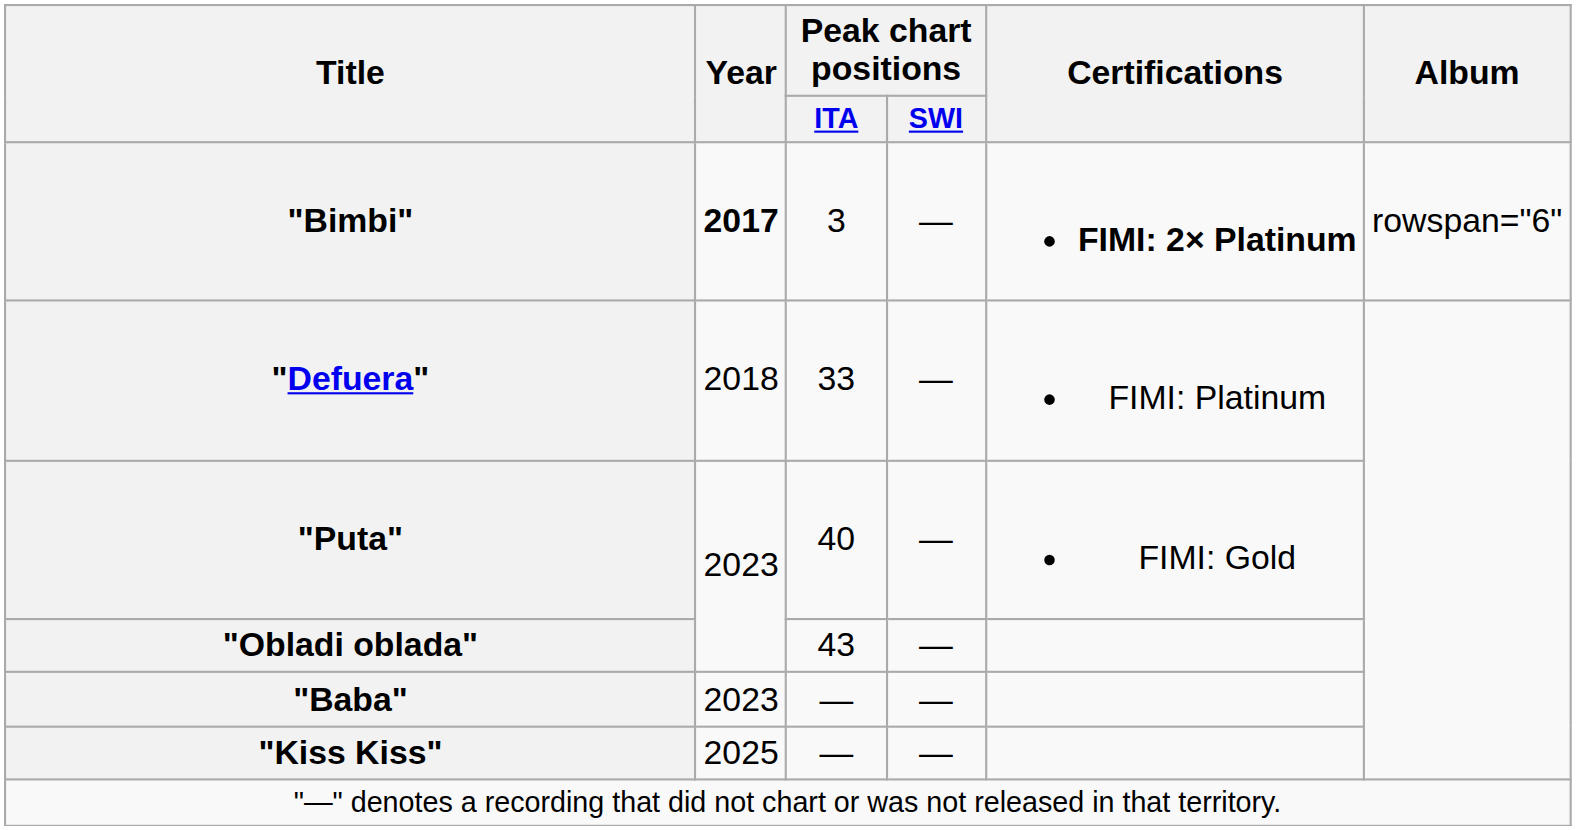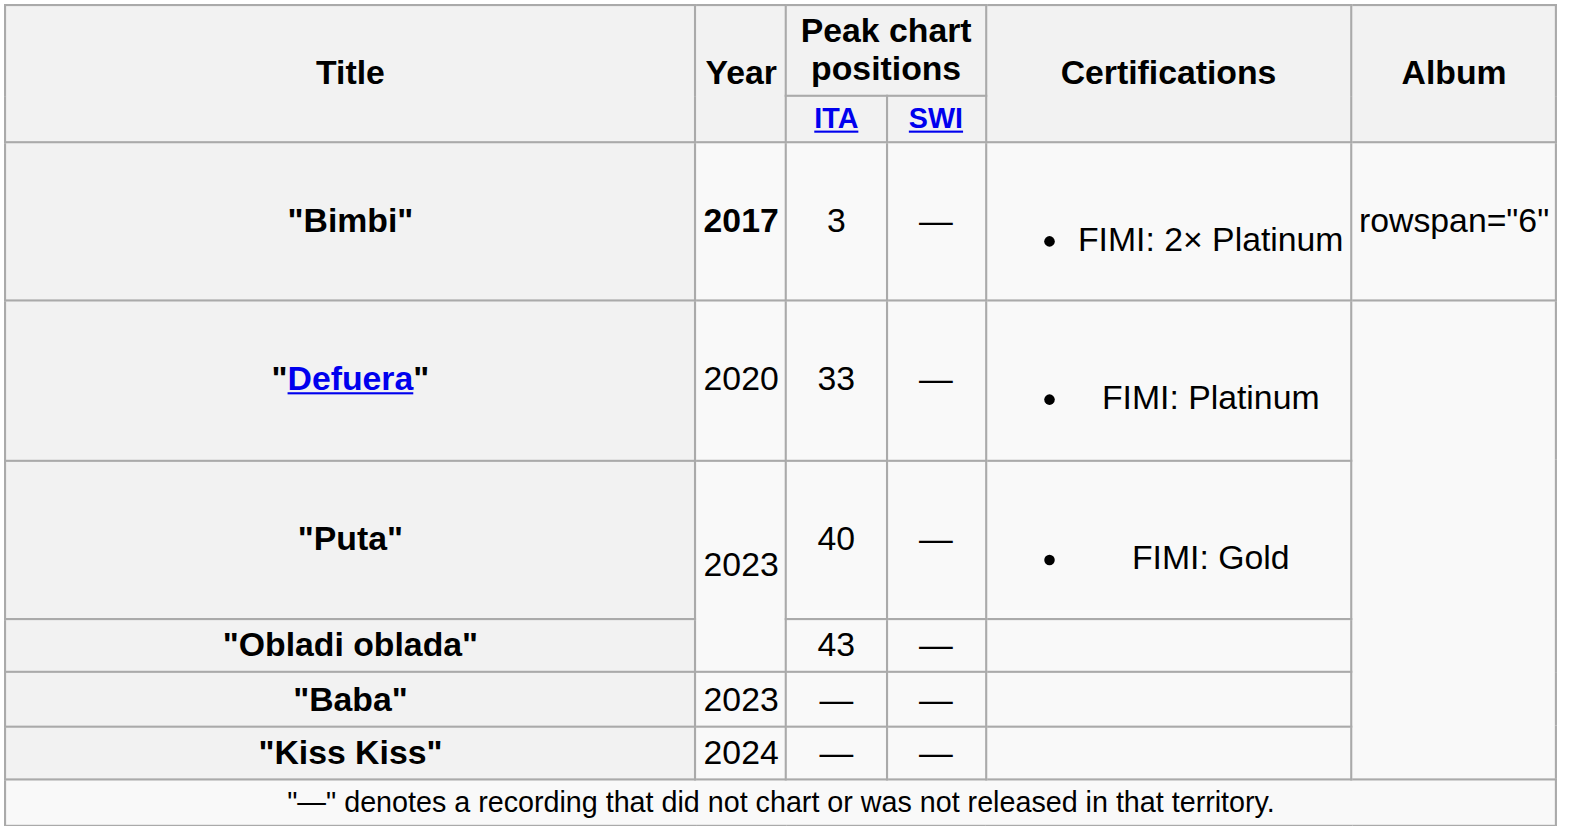 <table class="wikitable plainrowheaders" style="text-align:center;">
 <tr>
 <th scope="col" rowspan="2" style="width:20em;">Title</th>
 <th scope="col" rowspan="2" style="width:1em;">Year</th>
 <th scope="col" colspan="2">Peak chart positions</th>
 <th scope="col" rowspan="2">Certifications</th>
 <th scope="col" rowspan="2">Album</th>
 </tr>
 <tr>
 <th scope="col" style="width:3em;font-size:85%;"><a href='#'>ITA</a><br></th>
 <th scope="col" style="width:3em;font-size:85%;"><a href='#'>SWI</a><br></th>
 </tr>
 <tr>
 <th scope="row">"Bimbi"<br></th>
 <td><strong>2017</strong></td>
 <td>3</td>
 <td>—</td>
-<td><strong><br><ul><li>FIMI: 2× Platinum</li></ul></strong></td>
+<td><br><ul><li>FIMI: 2× Platinum</li></ul></td>
 <td>rowspan="6" </td>
 </tr>
 <tr>
 <th scope="row">"<a href='#'>Defuera</a>"<br></th>
-<td>2018</td>
+<td>2020</td>
 <td>33</td>
 <td>—</td>
 <td><br><ul><li>FIMI: Platinum</li></ul></td>
 </tr>
 <tr>
 <th scope="row">"Puta"<br></th>
 <td rowspan="2">2023</td>
 <td>40<br></td>
 <td>—</td>
 <td><br><ul><li>FIMI: Gold</li></ul></td>
 </tr>
 <tr>
 <th scope="row">"Obladi oblada"<br></th>
 <td>43</td>
 <td>—</td>
 <td></td>
 </tr>
 <tr>
 <th scope="row">"Baba"<br></th>
 <td>2023</td>
 <td>—</td>
 <td>—</td>
 <td></td>
 </tr>
 <tr>
 <th scope="row">"Kiss Kiss"<br></th>
-<td>2025</td>
+<td>2024</td>
 <td>—</td>
 <td>—</td>
 <td></td>
 </tr>
 <tr>
 <td style="text-align:center; font-size:85%;" colspan="6">"—" denotes a recording that did not chart or was not released in that territory.</td>
 </tr>
 </table>
